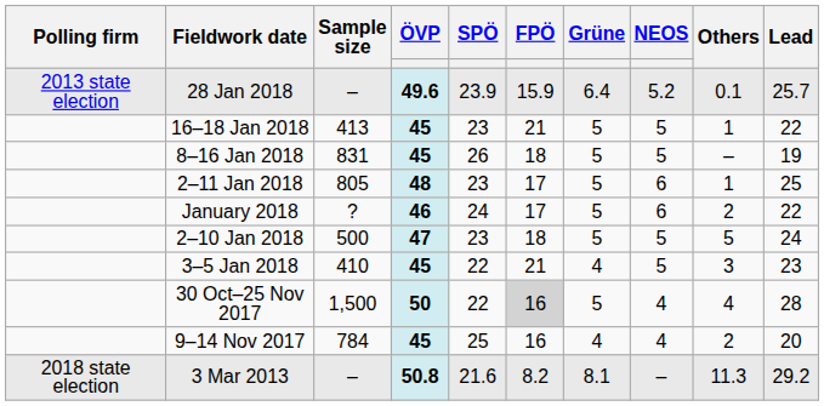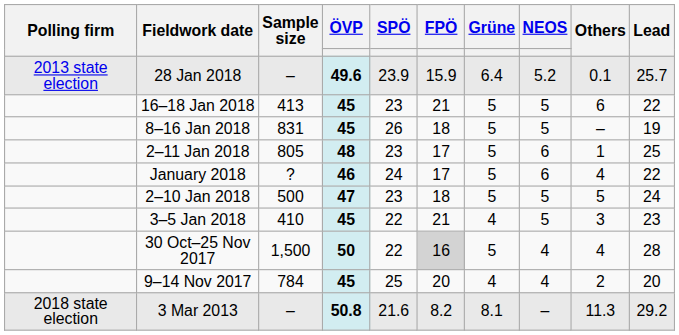 <table class="wikitable sortable" style="text-align:center;font-size:90%;line-height:14px;">
 <tr style="height:40px;">
 <th style="width:150px;" rowspan="2">Polling firm</th>
 <th style="width:125px;" rowspan="2">Fieldwork date</th>
 <th style="width:35px;" rowspan="2">Sample<br>size</th>
 <th class="unsortable" style="width:40px;"><a href='#'>ÖVP</a></th>
 <th class="unsortable" style="width:40px;"><a href='#'>SPÖ</a></th>
 <th class="unsortable" style="width:40px;"><a href='#'>FPÖ</a></th>
 <th class="unsortable" style="width:40px;"><a href='#'>Grüne</a></th>
 <th class="unsortable" style="width:40px;"><a href='#'>NEOS</a></th>
 <th class="unsortable" style="width:40px;" rowspan="2">Others</th>
 <th style="width:30px;" rowspan="2">Lead</th>
 </tr>
 <tr>
 <th style="background:"></th>
 <th style="background:"></th>
 <th style="background:"></th>
 <th style="background:"></th>
 <th style="background:"></th>
 </tr>
 <tr style="background:#E9E9E9;">
 <td><a href='#'>2013 state election</a></td>
 <td data-sort-value="2018-01-28">28 Jan 2018</td>
 <td>–</td>
 <td style="background:#D2EDF1;"><strong>49.6</strong></td>
 <td>23.9</td>
 <td>15.9</td>
 <td>6.4</td>
 <td>5.2</td>
 <td>0.1</td>
 <td style="background:">25.7</td>
 </tr>
 <tr>
 <td></td>
 <td data-sort-value="2018-01-19">16–18 Jan 2018</td>
 <td>413</td>
 <td style="background:#D2EDF1;"><strong>45</strong></td>
 <td>23</td>
 <td>21</td>
 <td>5</td>
 <td>5</td>
-<td>1</td>
+<td>6</td>
 <td style="background:">22</td>
 </tr>
 <tr>
 <td></td>
 <td data-sort-value="2018-01-21">8–16 Jan 2018</td>
 <td>831</td>
 <td style="background:#D2EDF1;"><strong>45</strong></td>
 <td>26</td>
 <td>18</td>
 <td>5</td>
 <td>5</td>
 <td>–</td>
 <td style="background:">19</td>
 </tr>
 <tr>
 <td></td>
 <td data-sort-value="2018-01-15">2–11 Jan 2018</td>
 <td>805</td>
 <td style="background:#D2EDF1;"><strong>48</strong></td>
 <td>23</td>
 <td>17</td>
 <td>5</td>
 <td>6</td>
 <td>1</td>
 <td style="background:">25</td>
 </tr>
 <tr>
 <td></td>
 <td data-sort-value="2018-01-15">January 2018</td>
 <td>?</td>
 <td style="background:#D2EDF1;"><strong>46</strong></td>
 <td>24</td>
 <td>17</td>
 <td>5</td>
 <td>6</td>
-<td>2</td>
+<td>4</td>
 <td style="background:">22</td>
 </tr>
 <tr>
 <td></td>
 <td data-sort-value="2018-01-10">2–10 Jan 2018</td>
 <td>500</td>
 <td style="background:#D2EDF1;"><strong>47</strong></td>
 <td>23</td>
 <td>18</td>
 <td>5</td>
 <td>5</td>
 <td>5</td>
 <td style="background:">24</td>
 </tr>
 <tr>
 <td></td>
 <td data-sort-value="2018-01-05">3–5 Jan 2018</td>
 <td>410</td>
 <td style="background:#D2EDF1;"><strong>45</strong></td>
 <td>22</td>
 <td>21</td>
 <td>4</td>
 <td>5</td>
 <td>3</td>
 <td style="background:">23</td>
 </tr>
 <tr>
 <td></td>
 <td data-sort-value="2017-12-10">30 Oct–25 Nov 2017</td>
 <td>1,500</td>
 <td style="background:#D2EDF1;"><strong>50</strong></td>
 <td>22</td>
 <td style="background: lightgrey;">16</td>
 <td>5</td>
 <td>4</td>
 <td>4</td>
 <td style="background:">28</td>
 </tr>
 <tr>
 <td></td>
 <td data-sort-value="2017-11-14">9–14 Nov 2017</td>
 <td>784</td>
 <td style="background:#D2EDF1;"><strong>45</strong></td>
 <td>25</td>
-<td>16</td>
+<td>20</td>
 <td>4</td>
 <td>4</td>
 <td>2</td>
 <td style="background:">20</td>
 </tr>
 <tr style="background:#E9E9E9;">
 <td>2018 state election</td>
 <td data-sort-value="2013-03-13">3 Mar 2013</td>
 <td>–</td>
 <td style="background:#D2EDF1;"><strong>50.8</strong></td>
 <td>21.6</td>
 <td>8.2</td>
 <td>8.1</td>
 <td>–</td>
 <td>11.3</td>
 <td style="background:">29.2</td>
 </tr>
 </table>
